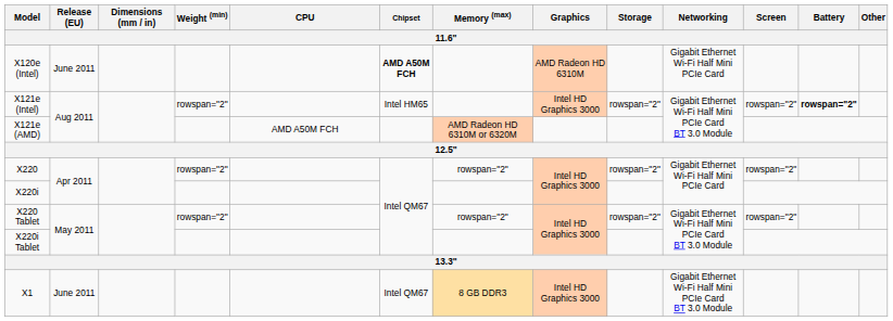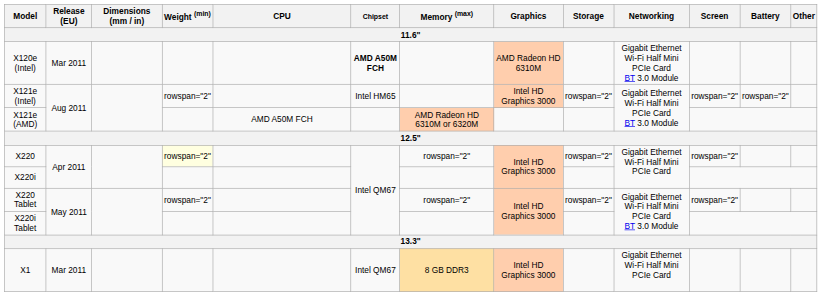 <table class="wikitable" style="font-size: 80%; text-align: center; min-width: 80%;">
 <tr>
 <th>Model</th>
 <th>Release (EU)</th>
 <th>Dimensions (mm / in)</th>
 <th>Weight <sup>(min)</sup></th>
 <th style="width:17%">CPU</th>
 <th><small>Chipset</small></th>
 <th>Memory <sup>(max)</sup></th>
 <th>Graphics</th>
 <th>Storage</th>
 <th>Networking</th>
 <th>Screen</th>
 <th>Battery</th>
 <th>Other</th>
 </tr>
 <tr>
 <th colspan=13>11.6"</th>
 </tr>
 <tr>
 <td>X120e (Intel) </td>
-<td>June 2011</td>
+<td>Mar 2011</td>
 <td></td>
 <td></td>
 <td></td>
 <td><strong>AMD A50M FCH</strong></td>
 <td></td>
 <td style="background:#ffcead;">AMD Radeon HD 6310M</td>
 <td></td>
-<td>Gigabit Ethernet<br>Wi-Fi Half Mini PCIe Card<br><small><br></small></td>
+<td>Gigabit Ethernet<br>Wi-Fi Half Mini PCIe Card<br><a href='#'>BT</a> 3.0 Module<br><small></small></td>
 <td></td>
 <td></td>
 <td></td>
 </tr>
 <tr>
 <td>X121e (Intel) </td>
 <td rowspan="2">Aug 2011</td>
 <td rowspan="2"></td>
 <td>rowspan="2" </td>
 <td></td>
 <td>Intel HM65</td>
 <td></td>
 <td style="background:#ffcead;">Intel HD Graphics 3000</td>
 <td>rowspan="2" </td>
 <td rowspan="2">Gigabit Ethernet<br>Wi-Fi Half Mini PCIe Card<br><a href='#'>BT</a> 3.0 Module<br><small></small></td>
 <td>rowspan="2" </td>
-<td><strong>rowspan="2" </strong></td>
+<td>rowspan="2" </td>
 <td></td>
 </tr>
 <tr>
 <td>X121e (AMD)</td>
 <td></td>
 <td>AMD A50M FCH</td>
 <td></td>
 <td style="background:#ffcead;">AMD Radeon HD 6310M or 6320M</td>
 <td></td>
 </tr>
 <tr>
 <th colspan=13>12.5"</th>
 </tr>
 <tr>
 <td>X220 </td>
 <td rowspan="2">Apr 2011</td>
 <td rowspan="2"></td>
-<td>rowspan="2" </td>
+<td style="background: lightyellow;">rowspan="2" </td>
 <td></td>
 <td rowspan="4">Intel QM67</td>
 <td>rowspan="2" </td>
 <td rowspan="2" style="background:#ffcead;">Intel HD Graphics 3000</td>
 <td>rowspan="2" </td>
 <td rowspan="2">Gigabit Ethernet<br>Wi-Fi Half Mini PCIe Card<br><small><br></small></td>
 <td>rowspan="2" </td>
 <td></td>
 <td></td>
 </tr>
 <tr>
 <td>X220i</td>
 <td></td>
 <td></td>
 <td></td>
 </tr>
 <tr>
 <td>X220 Tablet </td>
 <td rowspan="2">May 2011</td>
 <td rowspan="2"></td>
 <td>rowspan="2" </td>
 <td></td>
 <td>rowspan="2" </td>
 <td rowspan="2" style="background:#ffcead;">Intel HD Graphics 3000</td>
 <td>rowspan="2" </td>
 <td rowspan="2">Gigabit Ethernet<br>Wi-Fi Half Mini PCIe Card<br><a href='#'>BT</a> 3.0 Module<br><small></small></td>
 <td>rowspan="2" </td>
 <td></td>
 <td></td>
 </tr>
 <tr>
 <td>X220i Tablet</td>
 <td></td>
 <td></td>
 <td></td>
 </tr>
 <tr>
 <th colspan=13>13.3"</th>
 </tr>
 <tr>
 <td>X1 </td>
-<td>June 2011</td>
+<td>Mar 2011</td>
 <td></td>
 <td></td>
 <td></td>
 <td>Intel QM67</td>
 <td style="background:#fee0a3;">8 GB DDR3  <br></td>
 <td style="background:#ffcead;">Intel HD Graphics 3000</td>
 <td></td>
-<td>Gigabit Ethernet<br>Wi-Fi Half Mini PCIe Card<br><a href='#'>BT</a> 3.0 Module<br><small></small></td>
+<td>Gigabit Ethernet<br>Wi-Fi Half Mini PCIe Card<br><small><br></small></td>
 <td></td>
 <td></td>
 <td></td>
 </tr>
 </table>
